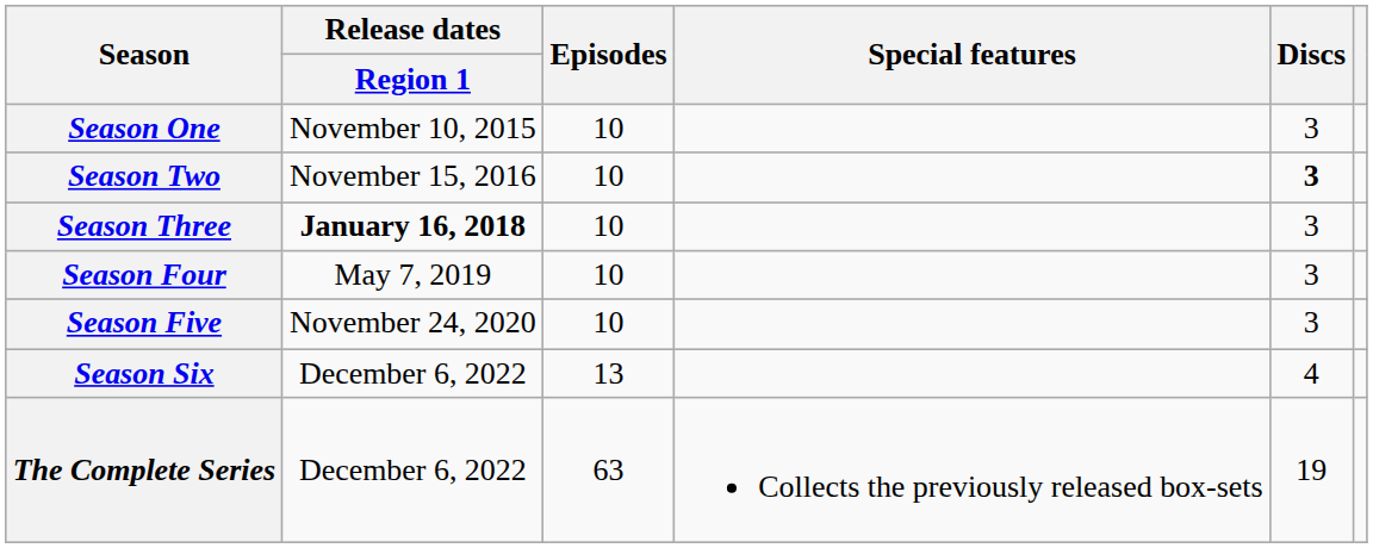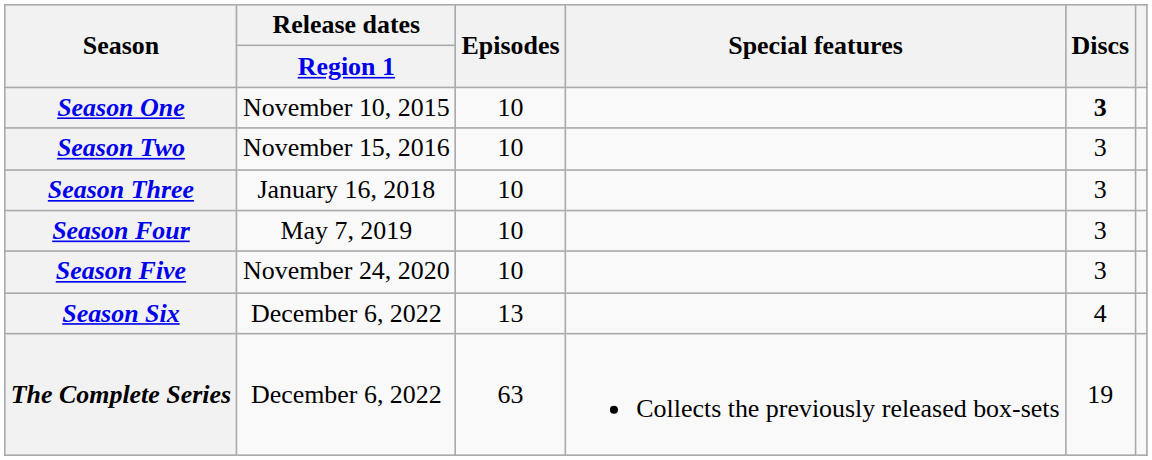 <table class="wikitable" style="text-align:center">
 <tr>
 <th rowspan="2">Season</th>
 <th colspan="1">Release dates</th>
 <th rowspan="2">Episodes</th>
 <th rowspan="2">Special features</th>
 <th rowspan="2">Discs</th>
 <th rowspan="2"></th>
 </tr>
 <tr>
 <th><a href='#'>Region 1</a></th>
 </tr>
 <tr>
 <th><em><a href='#'>Season One</a></em></th>
 <td>November 10, 2015</td>
 <td>10</td>
 <td style="text-align:left"><br></td>
-<td>3</td>
+<td><strong>3</strong></td>
 <td></td>
 </tr>
 <tr>
 <th><em><a href='#'>Season Two</a></em></th>
 <td>November 15, 2016</td>
 <td>10</td>
 <td style="text-align:left"><br></td>
-<td><strong>3</strong></td>
+<td>3</td>
 <td></td>
 </tr>
 <tr>
 <th><em><a href='#'>Season Three</a></em></th>
-<td><strong>January 16, 2018</strong></td>
+<td>January 16, 2018</td>
 <td>10</td>
 <td style="text-align:left"><br></td>
 <td>3</td>
 <td></td>
 </tr>
 <tr>
 <th><em><a href='#'>Season Four</a></em></th>
 <td>May 7, 2019</td>
 <td>10</td>
 <td style="text-align:left"><br></td>
 <td>3</td>
 <td></td>
 </tr>
 <tr>
 <th><em><a href='#'>Season Five</a></em></th>
 <td>November 24, 2020</td>
 <td>10</td>
 <td style="text-align:left"><br></td>
 <td>3</td>
 <td></td>
 </tr>
 <tr>
 <th><em><a href='#'>Season Six</a></em></th>
 <td>December 6, 2022</td>
 <td>13</td>
 <td style="text-align:left"><br></td>
 <td>4</td>
 <td></td>
 </tr>
 <tr>
 <th><em>The Complete Series</em></th>
 <td>December 6, 2022</td>
 <td>63</td>
 <td style="text-align:left"><br><ul><li>Collects the previously released box-sets</li></ul></td>
 <td>19</td>
 <td></td>
 </tr>
 </table>
